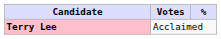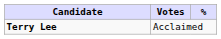 <table class="wikitable">
 <tr>
 <th style="background:#ddf; width:200px;">Candidate</th>
 <th style="background:#ddf; width:50px;">Votes</th>
 <th style="background:#ddf; width:30px;">%</th>
 </tr>
 <tr>
-<td style="background: pink;"><strong>Terry Lee</strong></td>
+<td><strong>Terry Lee</strong></td>
 <td colspan="2">Acclaimed</td>
 </tr>
 </table>
